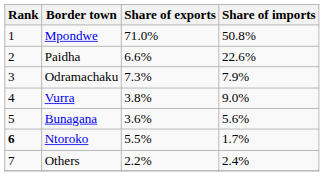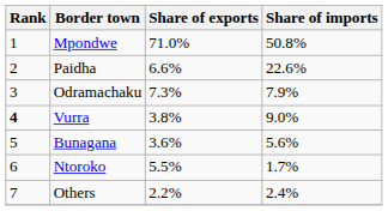 <table class="wikitable sortable" style="margin-left:auto;margin-right:auto">
 <tr>
 <th style="width:2em;">Rank</th>
 <th>Border town</th>
 <th>Share of exports</th>
 <th>Share of imports</th>
 </tr>
 <tr>
 <td>1</td>
 <td><a href='#'>Mpondwe</a></td>
 <td>71.0%</td>
 <td>50.8%</td>
 </tr>
 <tr>
 <td>2</td>
 <td>Paidha</td>
 <td>6.6%</td>
 <td>22.6%</td>
 </tr>
 <tr>
 <td>3</td>
 <td>Odramachaku</td>
 <td>7.3%</td>
 <td>7.9%</td>
 </tr>
 <tr>
-<td>4</td>
+<td><strong>4</strong></td>
 <td><a href='#'>Vurra</a></td>
 <td>3.8%</td>
 <td>9.0%</td>
 </tr>
 <tr>
 <td>5</td>
 <td><a href='#'>Bunagana</a></td>
 <td>3.6%</td>
 <td>5.6%</td>
 </tr>
 <tr>
-<td><strong>6</strong></td>
+<td>6</td>
 <td><a href='#'>Ntoroko</a></td>
 <td>5.5%</td>
 <td>1.7%</td>
 </tr>
 <tr>
 <td>7</td>
 <td>Others</td>
 <td>2.2%</td>
 <td>2.4%</td>
 </tr>
 <tr>
 </tr>
 </table>
